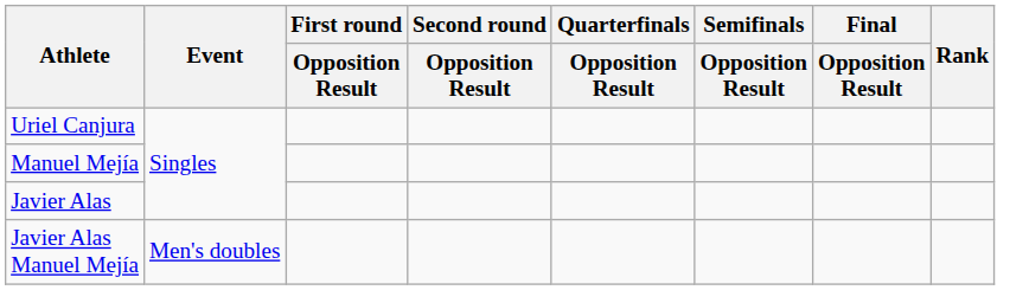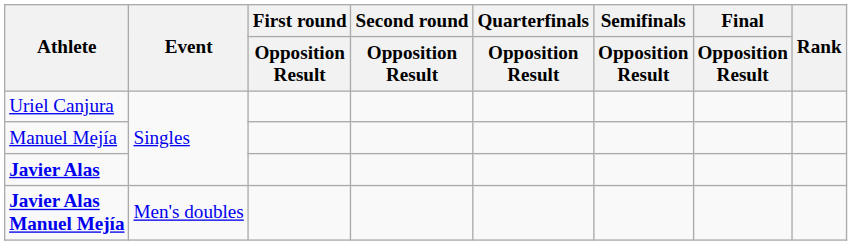 <table class="wikitable" style="font-size:90%">
 <tr>
 <th rowspan="2">Athlete</th>
 <th rowspan="2">Event</th>
 <th>First round</th>
 <th>Second round</th>
 <th>Quarterfinals</th>
 <th>Semifinals</th>
 <th>Final</th>
 <th rowspan="2">Rank</th>
 </tr>
 <tr>
 <th>Opposition<br>Result</th>
 <th>Opposition<br>Result</th>
 <th>Opposition<br>Result</th>
 <th>Opposition<br>Result</th>
 <th>Opposition<br>Result</th>
 </tr>
 <tr>
 <td><a href='#'>Uriel Canjura</a></td>
 <td rowspan=3><a href='#'>Singles</a></td>
 <td></td>
 <td></td>
 <td></td>
 <td></td>
 <td></td>
 <td></td>
 </tr>
 <tr>
 <td><a href='#'>Manuel Mejía</a></td>
 <td></td>
 <td></td>
 <td></td>
 <td></td>
 <td></td>
 <td></td>
 </tr>
 <tr>
-<td><a href='#'>Javier Alas</a></td>
+<td><strong><a href='#'>Javier Alas</a></strong></td>
 <td></td>
 <td></td>
 <td></td>
 <td></td>
 <td></td>
 <td></td>
 </tr>
 <tr>
-<td><a href='#'>Javier Alas</a><br><a href='#'>Manuel Mejía</a></td>
+<td><strong><a href='#'>Javier Alas</a><br><a href='#'>Manuel Mejía</a></strong></td>
 <td rowspan=2><a href='#'>Men's doubles</a></td>
 <td><br></td>
 <td></td>
 <td></td>
 <td></td>
 <td></td>
 </tr>
 </table>
